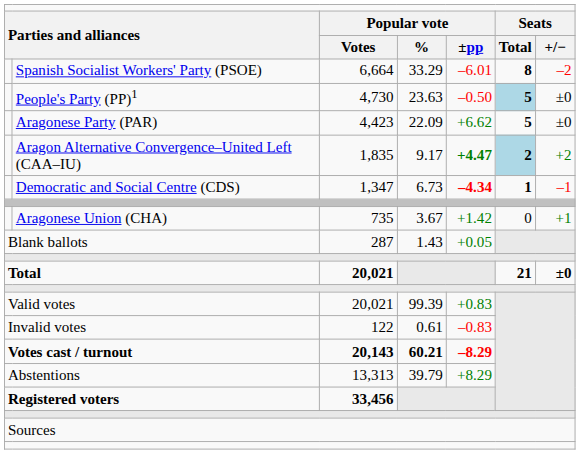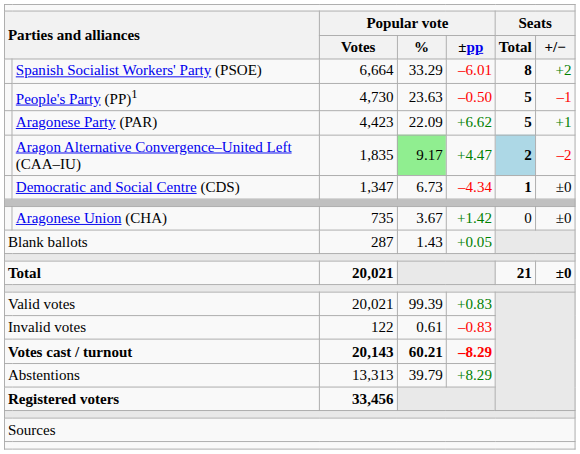 <table class="wikitable" style="text-align:right;">
 <tr>
 <td colspan="7"></td>
 </tr>
 <tr>
 <th style="text-align:left;" rowspan="2" colspan="2" width="525">Parties and alliances</th>
 <th colspan="3">Popular vote</th>
 <th colspan="2">Seats</th>
 </tr>
 <tr>
 <th width="75">Votes</th>
 <th width="45">%</th>
 <th width="45">±<a href='#'>pp</a></th>
 <th width="35">Total</th>
 <th width="35">+/−</th>
 </tr>
 <tr>
 <td width="1" style="color:inherit;background:"></td>
 <td align="left"><a href='#'>Spanish Socialist Workers' Party</a> (PSOE)</td>
 <td>6,664</td>
 <td>33.29</td>
 <td style="color:red;">–6.01</td>
 <td><strong>8</strong></td>
-<td style="color:red;">–2</td>
+<td style="color:green;">+2</td>
 </tr>
 <tr>
 <td style="color:inherit;background:"></td>
 <td align="left"><a href='#'>People's Party</a> (PP)<sup>1</sup></td>
 <td>4,730</td>
 <td>23.63</td>
 <td style="color:red;">–0.50</td>
-<td style="background: lightblue;"><strong>5</strong></td>
-<td>±0</td>
+<td><strong>5</strong></td>
+<td style="color:red;">–1</td>
 </tr>
 <tr>
 <td style="color:inherit;background:"></td>
 <td align="left"><a href='#'>Aragonese Party</a> (PAR)</td>
 <td>4,423</td>
 <td>22.09</td>
 <td style="color:green;">+6.62</td>
 <td><strong>5</strong></td>
-<td>±0</td>
+<td style="color:green;">+1</td>
 </tr>
 <tr>
 <td style="color:inherit;background:"></td>
 <td align="left"><a href='#'>Aragon Alternative Convergence–United Left</a> (CAA–IU)</td>
 <td>1,835</td>
-<td>9.17</td>
-<td style="color:green;"><strong>+4.47</strong></td>
+<td style="background: lightgreen;">9.17</td>
+<td style="color:green;">+4.47</td>
 <td style="background: lightblue;"><strong>2</strong></td>
-<td style="color:green;">+2</td>
+<td style="color:red;">–2</td>
 </tr>
 <tr>
 <td style="color:inherit;background:"></td>
 <td align="left"><a href='#'>Democratic and Social Centre</a> (CDS)</td>
 <td>1,347</td>
 <td>6.73</td>
-<td style="color:red;"><strong>–4.34</strong></td>
+<td style="color:red;">–4.34</td>
 <td><strong>1</strong></td>
-<td style="color:red;">–1</td>
+<td>±0</td>
 </tr>
 <tr>
 <td colspan="7" bgcolor="#C0C0C0"></td>
 </tr>
 <tr>
 <td style="color:inherit;background:"></td>
 <td align="left"><a href='#'>Aragonese Union</a> (CHA)</td>
 <td>735</td>
 <td>3.67</td>
 <td style="color:green;">+1.42</td>
 <td>0</td>
-<td style="color:green;">+1</td>
+<td>±0</td>
 </tr>
 <tr>
 <td align="left" colspan="2">Blank ballots</td>
 <td>287</td>
 <td>1.43</td>
 <td style="color:green;">+0.05</td>
 <td bgcolor="#E9E9E9" colspan="2"></td>
 </tr>
 <tr>
 <td colspan="7" bgcolor="#E9E9E9"></td>
 </tr>
 <tr style="font-weight:bold;">
 <td align="left" colspan="2">Total</td>
 <td>20,021</td>
 <td bgcolor="#E9E9E9" colspan="2"></td>
 <td>21</td>
 <td>±0</td>
 </tr>
 <tr>
 <td colspan="7" bgcolor="#E9E9E9"></td>
 </tr>
 <tr>
 <td align="left" colspan="2">Valid votes</td>
 <td>20,021</td>
 <td>99.39</td>
 <td style="color:green;">+0.83</td>
 <td bgcolor="#E9E9E9" colspan="2" rowspan="5"></td>
 </tr>
 <tr>
 <td align="left" colspan="2">Invalid votes</td>
 <td>122</td>
 <td>0.61</td>
 <td style="color:red;">–0.83</td>
 </tr>
 <tr style="font-weight:bold;">
 <td align="left" colspan="2">Votes cast / turnout</td>
 <td>20,143</td>
 <td>60.21</td>
 <td style="color:red;">–8.29</td>
 </tr>
 <tr>
 <td align="left" colspan="2">Abstentions</td>
 <td>13,313</td>
 <td>39.79</td>
 <td style="color:green;">+8.29</td>
 </tr>
 <tr style="font-weight:bold;">
 <td align="left" colspan="2">Registered voters</td>
 <td>33,456</td>
 <td bgcolor="#E9E9E9" colspan="2"></td>
 </tr>
 <tr>
 <td colspan="7" bgcolor="#E9E9E9"></td>
 </tr>
 <tr>
 <td align="left" colspan="7">Sources</td>
 </tr>
 <tr>
 <td colspan="7" style="text-align:left; max-width:790px;"></td>
 </tr>
 </table>
